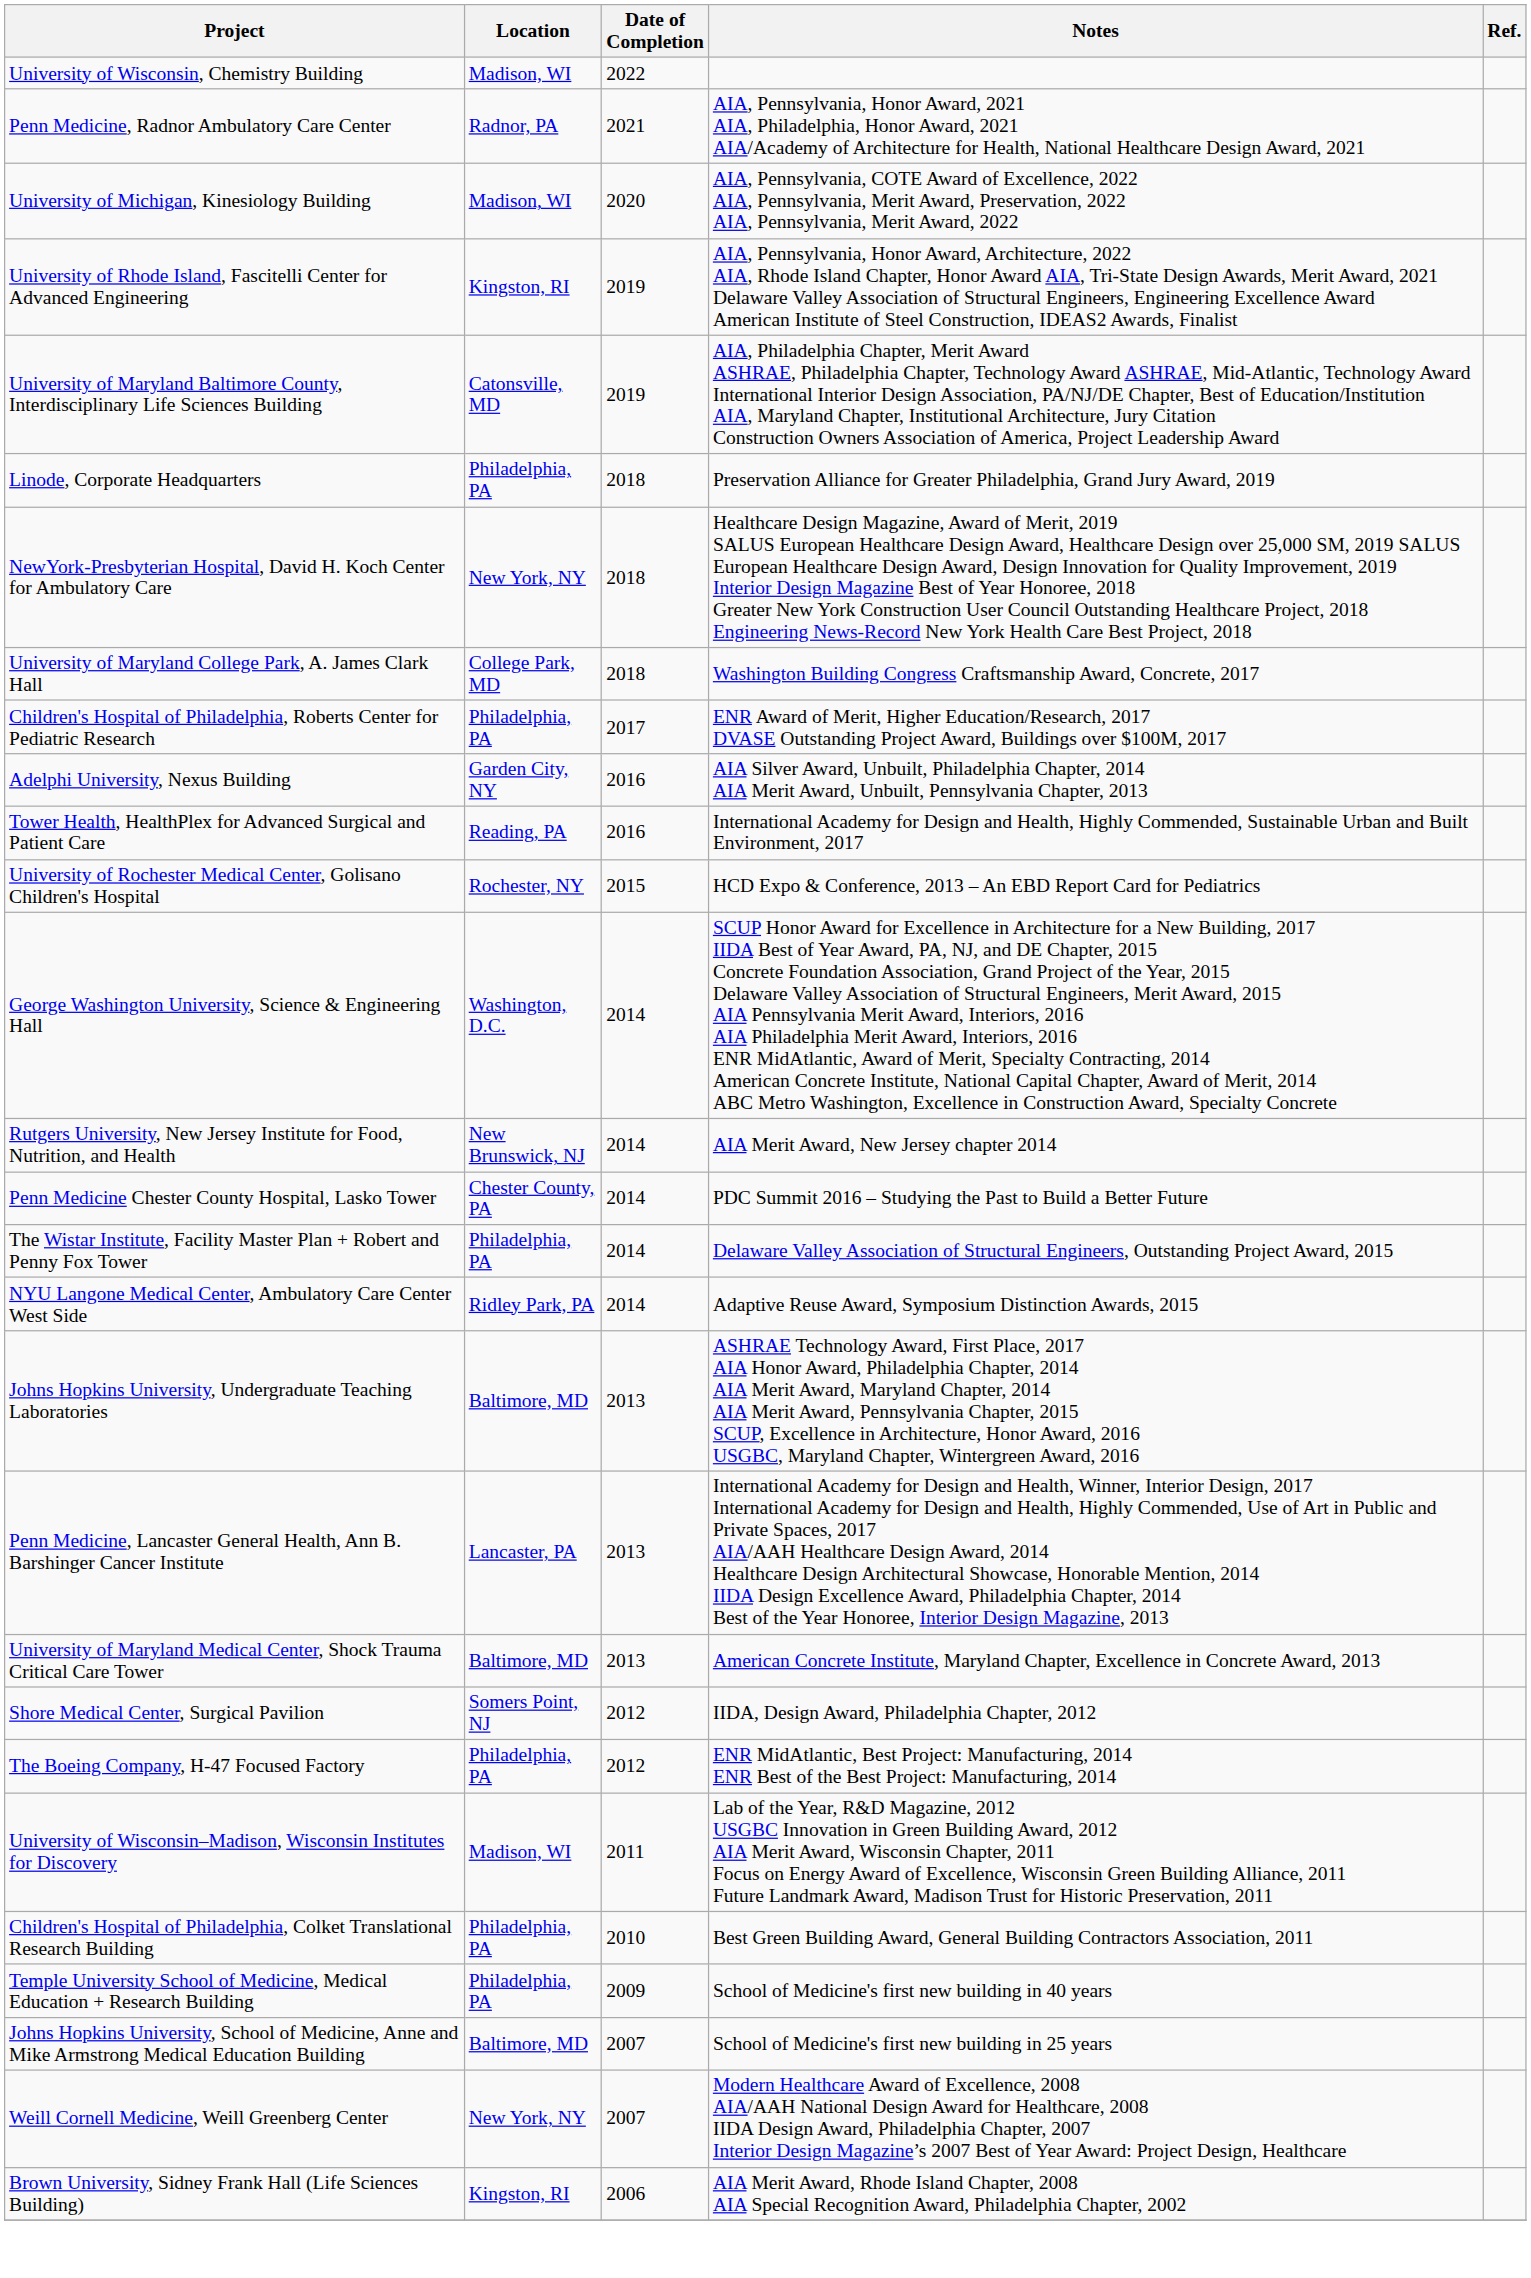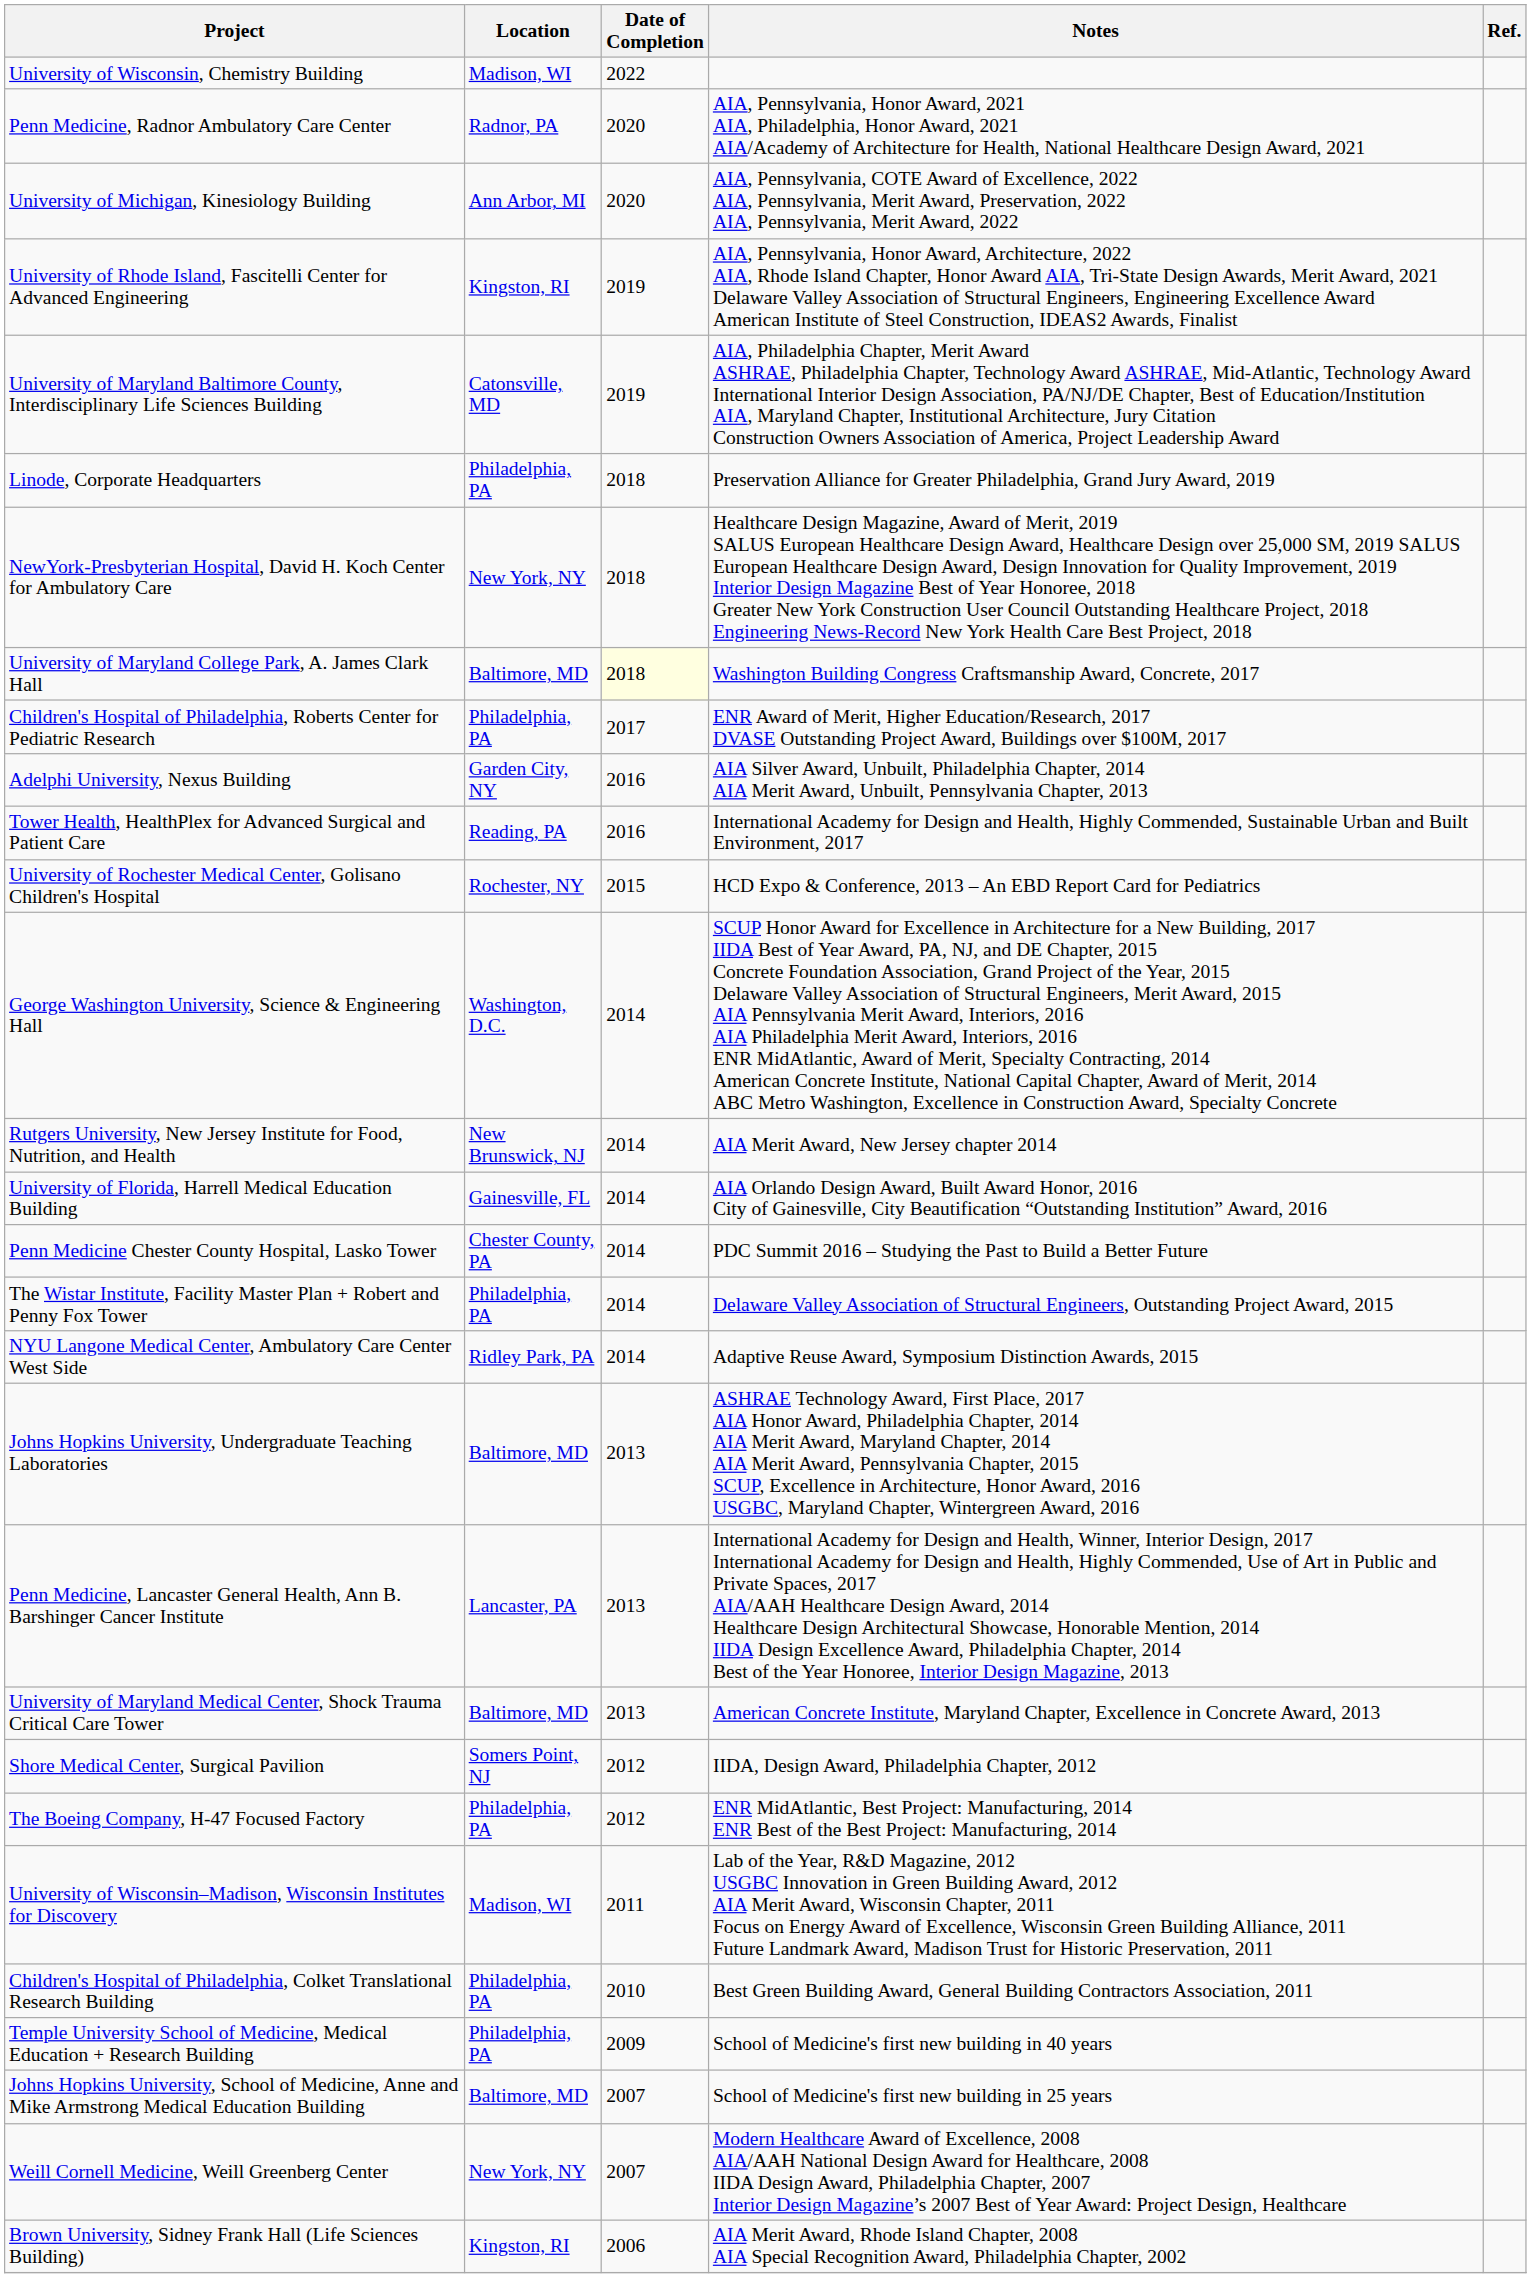 <table class="wikitable sortable collapsible">
 <tr>
 <th scope="col">Project</th>
 <th scope="col">Location</th>
 <th scope="col">Date of<br>Completion</th>
 <th scope="col" class="unsortable">Notes</th>
 <th scope="col" class="unsortable">Ref.</th>
 </tr>
 <tr>
 <td><a href='#'>University of Wisconsin</a>, Chemistry Building</td>
 <td><a href='#'>Madison, WI</a></td>
 <td>2022</td>
 <td></td>
 <td></td>
 </tr>
 <tr>
 <td><a href='#'>Penn Medicine</a>, Radnor Ambulatory Care Center</td>
 <td><a href='#'>Radnor, PA</a></td>
-<td>2021</td>
+<td>2020</td>
 <td><a href='#'>AIA</a>, Pennsylvania, Honor Award, 2021<br><a href='#'>AIA</a>, Philadelphia, Honor Award, 2021<br><a href='#'>AIA</a>/Academy of Architecture for Health, National Healthcare Design Award, 2021</td>
 <td></td>
 </tr>
 <tr>
 <td><a href='#'>University of Michigan</a>, Kinesiology Building</td>
-<td><a href='#'>Madison, WI</a></td>
+<td><a href='#'>Ann Arbor, MI</a></td>
 <td>2020</td>
 <td><a href='#'>AIA</a>, Pennsylvania, COTE Award of Excellence, 2022<br><a href='#'>AIA</a>, Pennsylvania, Merit Award, Preservation, 2022<br><a href='#'>AIA</a>, Pennsylvania, Merit Award, 2022</td>
 </tr>
 <tr>
 <td><a href='#'>University of Rhode Island</a>, Fascitelli Center for Advanced Engineering</td>
 <td><a href='#'>Kingston, RI</a></td>
 <td>2019</td>
 <td><a href='#'>AIA</a>, Pennsylvania, Honor Award, Architecture, 2022<br><a href='#'>AIA</a>, Rhode Island Chapter, Honor Award <a href='#'>AIA</a>, Tri-State Design Awards, Merit Award, 2021<br>Delaware Valley Association of Structural Engineers, Engineering Excellence Award<br>American Institute of Steel Construction, IDEAS2 Awards, Finalist</td>
 <td></td>
 </tr>
 <tr>
 <td><a href='#'>University of Maryland Baltimore County</a>, Interdisciplinary Life Sciences Building</td>
 <td><a href='#'>Catonsville, MD</a></td>
 <td>2019</td>
 <td><a href='#'>AIA</a>, Philadelphia Chapter, Merit Award<br><a href='#'>ASHRAE</a>, Philadelphia Chapter, Technology Award <a href='#'>ASHRAE</a>, Mid-Atlantic, Technology Award<br>International Interior Design Association, PA/NJ/DE Chapter, Best of Education/Institution<br><a href='#'>AIA</a>, Maryland Chapter, Institutional Architecture, Jury Citation<br>Construction Owners Association of America, Project Leadership Award</td>
 <td></td>
 </tr>
 <tr>
 <td><a href='#'>Linode</a>, Corporate Headquarters</td>
 <td><a href='#'>Philadelphia, PA</a></td>
 <td>2018</td>
 <td>Preservation Alliance for Greater Philadelphia, Grand Jury Award, 2019</td>
 <td></td>
 </tr>
 <tr>
 <td><a href='#'>NewYork-Presbyterian Hospital</a>, David H. Koch Center for Ambulatory Care</td>
 <td><a href='#'>New York, NY</a></td>
 <td>2018</td>
 <td>Healthcare Design Magazine, Award of Merit, 2019<br>SALUS European Healthcare Design Award, Healthcare Design over 25,000 SM, 2019 SALUS European Healthcare Design Award, Design Innovation for Quality Improvement, 2019<br><a href='#'>Interior Design Magazine</a> Best of Year Honoree, 2018<br>Greater New York Construction User Council Outstanding Healthcare Project, 2018<br><a href='#'>Engineering News-Record</a> New York Health Care Best Project, 2018</td>
 <td></td>
 </tr>
 <tr>
 <td><a href='#'>University of Maryland College Park</a>, A. James Clark Hall</td>
-<td><a href='#'>College Park, MD</a></td>
-<td>2018</td>
+<td><a href='#'>Baltimore, MD</a></td>
+<td style="background: lightyellow;">2018</td>
 <td><a href='#'>Washington Building Congress</a> Craftsmanship Award, Concrete, 2017</td>
 <td></td>
 </tr>
 <tr>
 <td><a href='#'>Children's Hospital of Philadelphia</a>, Roberts Center for Pediatric Research</td>
 <td><a href='#'>Philadelphia, PA</a></td>
 <td>2017</td>
 <td><a href='#'>ENR</a> Award of Merit, Higher Education/Research, 2017<br><a href='#'>DVASE</a> Outstanding Project Award, Buildings over $100M, 2017</td>
 <td></td>
 </tr>
 <tr>
 <td><a href='#'>Adelphi University</a>, Nexus Building</td>
 <td><a href='#'>Garden City, NY</a></td>
 <td>2016</td>
 <td><a href='#'>AIA</a> Silver Award, Unbuilt, Philadelphia Chapter, 2014<br><a href='#'>AIA</a> Merit Award, Unbuilt, Pennsylvania Chapter, 2013</td>
 <td></td>
 </tr>
 <tr>
 <td><a href='#'>Tower Health</a>, HealthPlex for Advanced Surgical and Patient Care</td>
 <td><a href='#'>Reading, PA</a></td>
 <td>2016</td>
 <td>International Academy for Design and Health, Highly Commended, Sustainable Urban and Built Environment, 2017</td>
 <td></td>
 </tr>
 <tr>
 <td><a href='#'>University of Rochester Medical Center</a>, Golisano Children's Hospital</td>
 <td><a href='#'>Rochester, NY</a></td>
 <td>2015</td>
 <td>HCD Expo & Conference, 2013 – An EBD Report Card for Pediatrics</td>
 <td></td>
 </tr>
 <tr>
 <td><a href='#'>George Washington University</a>, Science & Engineering Hall</td>
 <td><a href='#'>Washington, D.C.</a></td>
 <td>2014</td>
 <td><a href='#'>SCUP</a> Honor Award for Excellence in Architecture for a New Building, 2017<br><a href='#'>IIDA</a> Best of Year Award, PA, NJ, and DE Chapter, 2015<br>Concrete Foundation Association, Grand Project of the Year, 2015<br>Delaware Valley Association of Structural Engineers, Merit Award, 2015<br><a href='#'>AIA</a> Pennsylvania Merit Award, Interiors, 2016<br><a href='#'>AIA</a> Philadelphia Merit Award, Interiors, 2016<br>ENR MidAtlantic, Award of Merit, Specialty Contracting, 2014<br>American Concrete Institute, National Capital Chapter, Award of Merit, 2014<br>ABC Metro Washington, Excellence in Construction Award, Specialty Concrete<br></td>
 <td><br></td>
 </tr>
 <tr>
 <td><a href='#'>Rutgers University</a>, New Jersey Institute for Food, Nutrition, and Health</td>
 <td><a href='#'>New Brunswick, NJ</a></td>
 <td>2014</td>
 <td><a href='#'>AIA</a> Merit Award, New Jersey chapter 2014</td>
 <td><br></td>
+</tr>
+<tr>
+<td><a href='#'>University of Florida</a>, Harrell Medical Education Building</td>
+<td><a href='#'>Gainesville, FL</a></td>
+<td>2014</td>
+<td><a href='#'>AIA</a> Orlando Design Award, Built Award Honor, 2016<br>City of Gainesville, City Beautification “Outstanding Institution” Award, 2016</td>
+<td></td>
 </tr>
 <tr>
 <td><a href='#'>Penn Medicine</a> Chester County Hospital, Lasko Tower</td>
 <td><a href='#'>Chester County, PA</a></td>
 <td>2014</td>
 <td>PDC Summit 2016 – Studying the Past to Build a Better Future</td>
 <td></td>
 </tr>
 <tr>
 <td>The <a href='#'>Wistar Institute</a>, Facility Master Plan + Robert and Penny Fox Tower</td>
 <td><a href='#'>Philadelphia, PA</a></td>
 <td>2014</td>
 <td><a href='#'>Delaware Valley Association of Structural Engineers</a>, Outstanding Project Award, 2015</td>
 <td></td>
 </tr>
 <tr>
 <td><a href='#'>NYU Langone Medical Center</a>, Ambulatory Care Center West Side</td>
 <td><a href='#'>Ridley Park, PA</a></td>
 <td>2014</td>
 <td>Adaptive Reuse Award, Symposium Distinction Awards, 2015</td>
 <td></td>
 </tr>
 <tr>
 <td><a href='#'>Johns Hopkins University</a>, Undergraduate Teaching Laboratories</td>
 <td><a href='#'>Baltimore, MD</a></td>
 <td>2013</td>
 <td><a href='#'>ASHRAE</a> Technology Award, First Place, 2017<br> <a href='#'>AIA</a> Honor Award, Philadelphia Chapter, 2014<br><a href='#'>AIA</a> Merit Award, Maryland Chapter, 2014<br><a href='#'>AIA</a> Merit Award, Pennsylvania Chapter, 2015<br><a href='#'>SCUP</a>, Excellence in Architecture, Honor Award, 2016<br><a href='#'>USGBC</a>, Maryland Chapter, Wintergreen Award, 2016</td>
 <td><br></td>
 </tr>
 <tr>
 <td><a href='#'>Penn Medicine</a>, Lancaster General Health, Ann B. Barshinger Cancer Institute</td>
 <td><a href='#'>Lancaster, PA</a></td>
 <td>2013</td>
 <td>International Academy for Design and Health, Winner, Interior Design, 2017<br>International Academy for Design and Health, Highly Commended, Use of Art in Public and Private Spaces, 2017<br><a href='#'>AIA</a>/AAH Healthcare Design Award, 2014<br>Healthcare Design Architectural Showcase, Honorable Mention, 2014<br><a href='#'>IIDA</a> Design Excellence Award, Philadelphia Chapter, 2014<br>Best of the Year Honoree, <a href='#'>Interior Design Magazine</a>, 2013</td>
 <td><br></td>
 </tr>
 <tr>
 <td><a href='#'>University of Maryland Medical Center</a>, Shock Trauma Critical Care Tower</td>
 <td><a href='#'>Baltimore, MD</a></td>
 <td>2013</td>
 <td><a href='#'>American Concrete Institute</a>, Maryland Chapter, Excellence in Concrete Award, 2013</td>
 <td></td>
 </tr>
 <tr>
 <td><a href='#'>Shore Medical Center</a>, Surgical Pavilion</td>
 <td><a href='#'>Somers Point, NJ</a></td>
 <td>2012</td>
 <td>IIDA, Design Award, Philadelphia Chapter, 2012</td>
 <td></td>
 </tr>
 <tr>
 <td><a href='#'>The Boeing Company</a>, H-47 Focused Factory</td>
 <td><a href='#'>Philadelphia, PA</a></td>
 <td>2012</td>
 <td><a href='#'>ENR</a> MidAtlantic, Best Project: Manufacturing, 2014<br><a href='#'>ENR</a> Best of the Best Project: Manufacturing, 2014</td>
 <td></td>
 </tr>
 <tr>
 <td><a href='#'>University of Wisconsin–Madison</a>, <a href='#'>Wisconsin Institutes for Discovery</a></td>
 <td><a href='#'>Madison, WI</a></td>
 <td>2011</td>
 <td>Lab of the Year, R&D Magazine, 2012<br><a href='#'>USGBC</a> Innovation in Green Building Award, 2012<br><a href='#'>AIA</a> Merit Award, Wisconsin Chapter, 2011<br>Focus on Energy Award of Excellence, Wisconsin Green Building Alliance, 2011<br>Future Landmark Award, Madison Trust for Historic Preservation, 2011</td>
 <td><br></td>
 </tr>
 <tr>
 <td><a href='#'>Children's Hospital of Philadelphia</a>, Colket Translational Research Building</td>
 <td><a href='#'>Philadelphia, PA</a></td>
 <td>2010</td>
 <td>Best Green Building Award, General Building Contractors Association, 2011</td>
 <td></td>
 </tr>
 <tr>
 <td><a href='#'>Temple University School of Medicine</a>, Medical Education + Research Building</td>
 <td><a href='#'>Philadelphia, PA</a></td>
 <td>2009</td>
 <td>School of Medicine's first new building in 40 years</td>
 <td></td>
 </tr>
 <tr>
 <td><a href='#'>Johns Hopkins University</a>, School of Medicine, Anne and Mike Armstrong Medical Education Building</td>
 <td><a href='#'>Baltimore, MD</a></td>
 <td>2007</td>
 <td>School of Medicine's first new building in 25 years</td>
 <td></td>
 </tr>
 <tr>
 <td><a href='#'>Weill Cornell Medicine</a>, Weill Greenberg Center</td>
 <td><a href='#'>New York, NY</a></td>
 <td>2007</td>
 <td><a href='#'>Modern Healthcare</a> Award of Excellence, 2008<br><a href='#'>AIA</a>/AAH National Design Award for Healthcare, 2008<br>IIDA Design Award, Philadelphia Chapter, 2007<br><a href='#'>Interior Design Magazine</a>’s 2007 Best of Year Award: Project Design, Healthcare</td>
 <td><br></td>
 </tr>
 <tr>
 <td><a href='#'>Brown University</a>, Sidney Frank Hall (Life Sciences Building)</td>
 <td><a href='#'>Kingston, RI</a></td>
 <td>2006</td>
 <td><a href='#'>AIA</a> Merit Award, Rhode Island Chapter, 2008<br><a href='#'>AIA</a> Special Recognition Award, Philadelphia Chapter, 2002</td>
 <td></td>
 </tr>
 <tr>
 </tr>
 </table>
